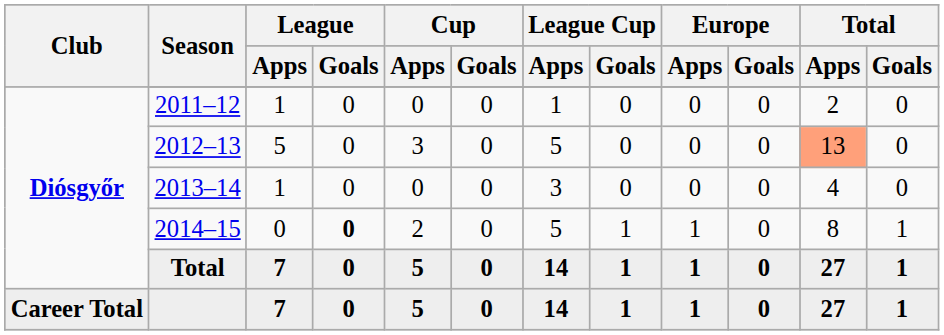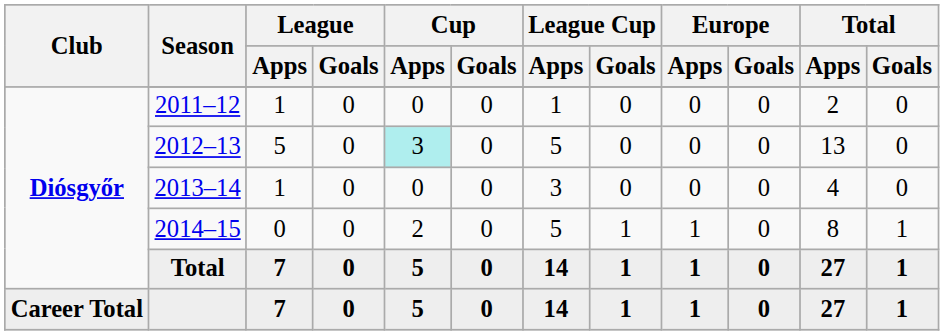 <table class="wikitable" style="font-size:90%; text-align: center;">
 <tr>
 <th rowspan="2">Club</th>
 <th rowspan="2">Season</th>
 <th colspan="2">League</th>
 <th colspan="2">Cup</th>
 <th colspan="2">League Cup</th>
 <th colspan="2">Europe</th>
 <th colspan="2">Total</th>
 </tr>
 <tr>
 <th>Apps</th>
 <th>Goals</th>
 <th>Apps</th>
 <th>Goals</th>
 <th>Apps</th>
 <th>Goals</th>
 <th>Apps</th>
 <th>Goals</th>
 <th>Apps</th>
 <th>Goals</th>
 </tr>
 <tr ||-||-||-|->
 <td rowspan="6" valign="center"><strong><a href='#'>Diósgyőr</a></strong></td>
 </tr>
 <tr>
 <td><a href='#'>2011–12</a></td>
 <td>1</td>
 <td>0</td>
 <td>0</td>
 <td>0</td>
 <td>1</td>
 <td>0</td>
 <td>0</td>
 <td>0</td>
 <td>2</td>
 <td>0</td>
 </tr>
 <tr>
 <td><a href='#'>2012–13</a></td>
 <td>5</td>
 <td>0</td>
-<td>3</td>
+<td style="background: paleturquoise;">3</td>
 <td>0</td>
 <td>5</td>
 <td>0</td>
 <td>0</td>
 <td>0</td>
-<td style="background: lightsalmon;">13</td>
+<td>13</td>
 <td>0</td>
 </tr>
 <tr>
 <td><a href='#'>2013–14</a></td>
 <td>1</td>
 <td>0</td>
 <td>0</td>
 <td>0</td>
 <td>3</td>
 <td>0</td>
 <td>0</td>
 <td>0</td>
 <td>4</td>
 <td>0</td>
 </tr>
 <tr>
 <td><a href='#'>2014–15</a></td>
 <td>0</td>
-<td><strong>0</strong></td>
+<td>0</td>
 <td>2</td>
 <td>0</td>
 <td>5</td>
 <td>1</td>
 <td>1</td>
 <td>0</td>
 <td>8</td>
 <td>1</td>
 </tr>
 <tr style="font-weight:bold; background-color:#eeeeee;">
 <td>Total</td>
 <td>7</td>
 <td>0</td>
 <td>5</td>
 <td>0</td>
 <td>14</td>
 <td>1</td>
 <td>1</td>
 <td>0</td>
 <td>27</td>
 <td>1</td>
 </tr>
 <tr style="font-weight:bold; background-color:#eeeeee;">
 <td rowspan="1" valign="top"><strong>Career Total</strong></td>
 <td></td>
 <td><strong>7</strong></td>
 <td><strong>0</strong></td>
 <td><strong>5</strong></td>
 <td><strong>0</strong></td>
 <td><strong>14</strong></td>
 <td><strong>1</strong></td>
 <td><strong>1</strong></td>
 <td><strong>0</strong></td>
 <td><strong>27</strong></td>
 <td><strong>1</strong></td>
 </tr>
 </table>
